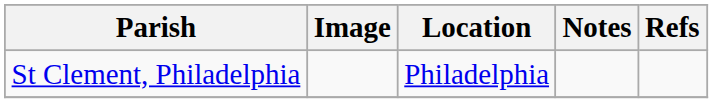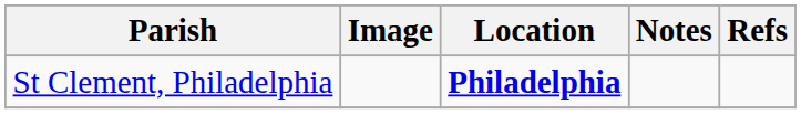 <table class="wikitable sortable">
 <tr>
 <th>Parish</th>
 <th>Image</th>
 <th>Location</th>
 <th>Notes</th>
 <th>Refs</th>
 </tr>
 <tr>
 <td><a href='#'>St Clement, Philadelphia</a></td>
 <td></td>
-<td><a href='#'>Philadelphia</a></td>
+<td><strong><a href='#'>Philadelphia</a></strong></td>
 <td></td>
 <td></td>
 </tr>
 <tr>
 </tr>
 </table>
